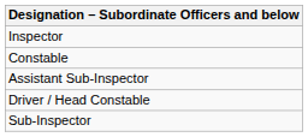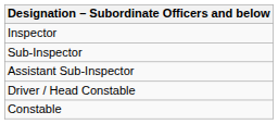 <table class="wikitable">
 <tr>
 <th>Designation – Subordinate Officers and below</th>
 </tr>
 <tr>
 <td>Inspector</td>
 </tr>
 <tr>
-<td>Constable</td>
+<td>Sub-Inspector</td>
 </tr>
 <tr>
 <td>Assistant Sub-Inspector</td>
 </tr>
 <tr>
 <td>Driver / Head Constable</td>
 </tr>
 <tr>
-<td>Sub-Inspector</td>
+<td>Constable</td>
 </tr>
 </table>
